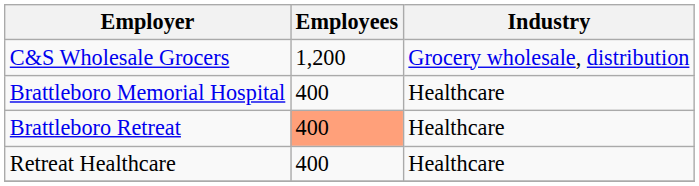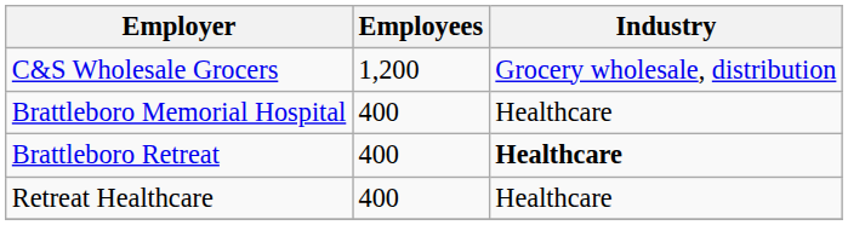 <table class="wikitable sortable">
 <tr>
 <th>Employer</th>
 <th>Employees</th>
 <th>Industry</th>
 </tr>
 <tr>
 <td><a href='#'>C&S Wholesale Grocers</a></td>
 <td>1,200</td>
 <td><a href='#'>Grocery wholesale</a>, <a href='#'>distribution</a></td>
 </tr>
 <tr>
 <td><a href='#'>Brattleboro Memorial Hospital</a></td>
 <td>400</td>
 <td>Healthcare</td>
 </tr>
 <tr>
 <td><a href='#'>Brattleboro Retreat</a></td>
-<td style="background: lightsalmon;">400</td>
-<td>Healthcare</td>
+<td>400</td>
+<td><strong>Healthcare</strong></td>
 </tr>
 <tr>
 <td>Retreat Healthcare</td>
 <td>400</td>
 <td>Healthcare</td>
 </tr>
 <tr>
 </tr>
 </table>
